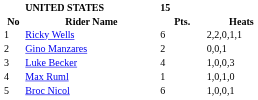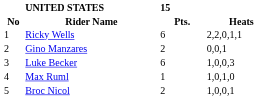 <table class="toccolours">
 <tr>
 <td></td>
 <td><strong>UNITED STATES</strong></td>
 <td><strong>15</strong></td>
 </tr>
 <tr style="background: ">
 <th width=30px>No</th>
 <th width=210px>Rider Name</th>
 <th width=70px>Pts.</th>
 <th width=110px>Heats</th>
 </tr>
 <tr style="background-color:">
 <td>1</td>
 <td><a href='#'>Ricky Wells</a></td>
 <td>6</td>
 <td>2,2,0,1,1</td>
 </tr>
 <tr style="background-color:">
 <td>2</td>
 <td><a href='#'>Gino Manzares</a></td>
 <td>2</td>
 <td>0,0,1</td>
 </tr>
 <tr style="background-color:">
 <td>3</td>
 <td><a href='#'>Luke Becker</a></td>
-<td>4</td>
+<td>6</td>
 <td>1,0,0,3</td>
 </tr>
 <tr style="background-color:">
 <td>4</td>
 <td><a href='#'>Max Ruml</a></td>
 <td>1</td>
 <td>1,0,1,0</td>
 </tr>
 <tr style="background-color:">
 <td>5</td>
 <td><a href='#'>Broc Nicol</a></td>
-<td>6</td>
+<td>2</td>
 <td>1,0,0,1</td>
 </tr>
 </table>
